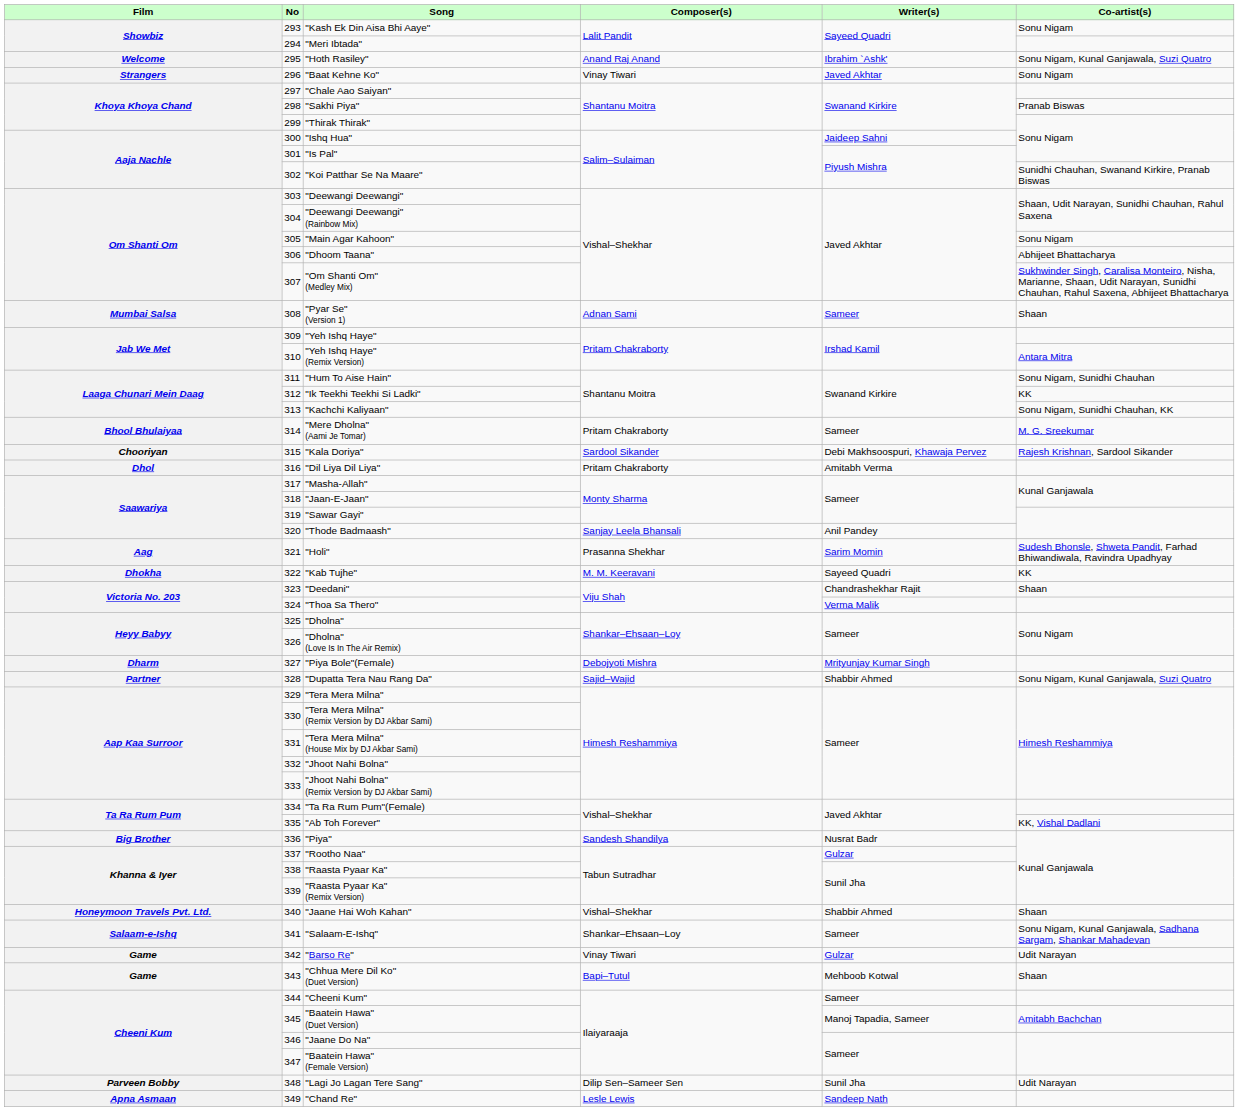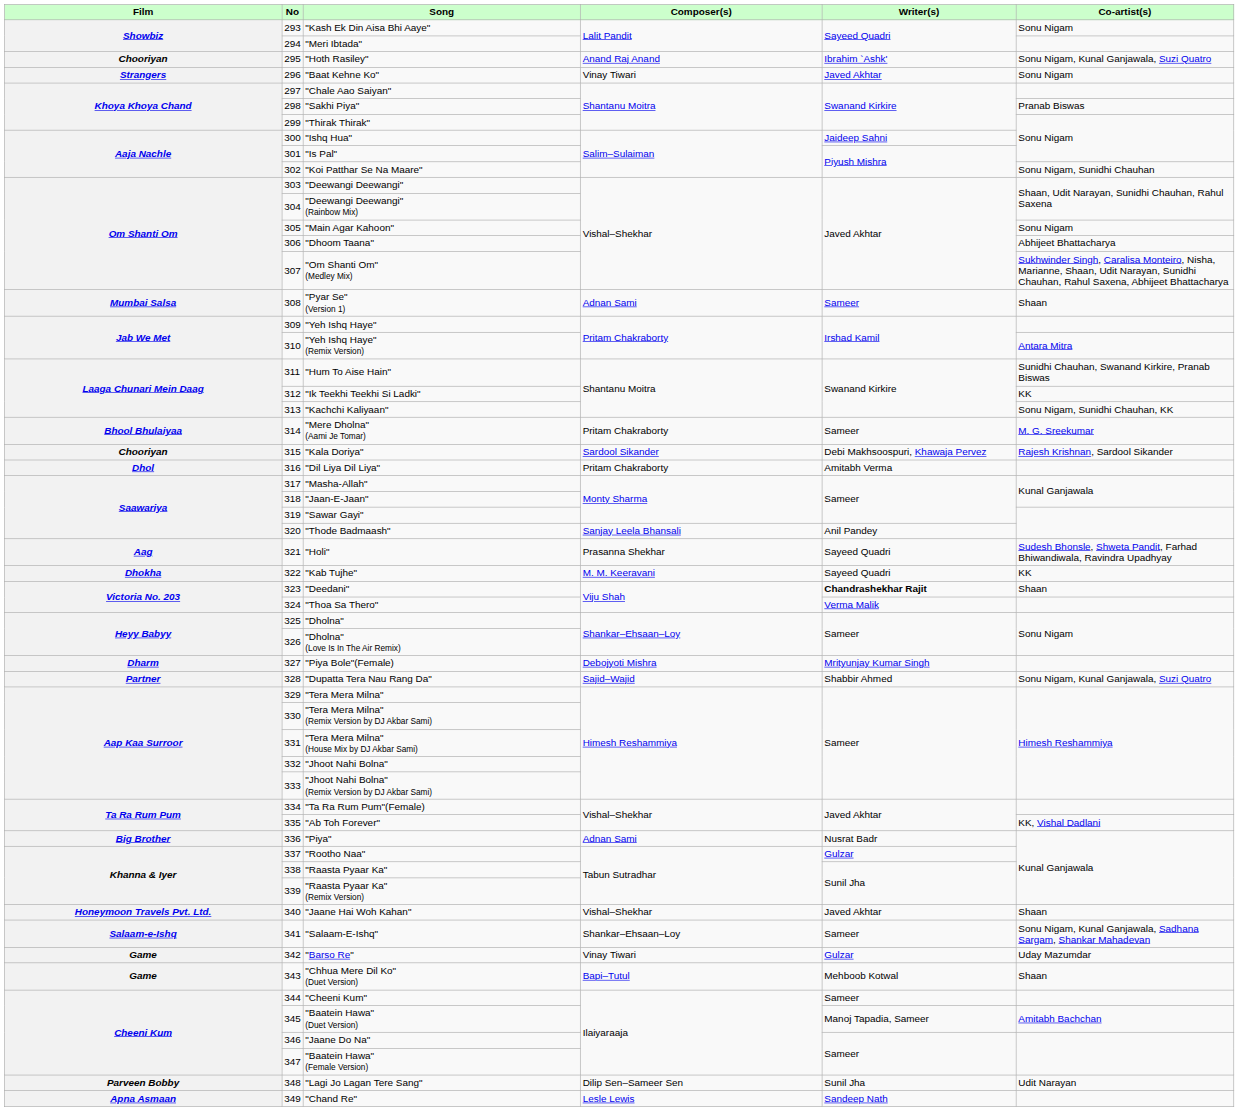 <table class="wikitable plainrowheaders" style="width:100%; textcolor:#000">
 <tr style="background:#cfc; text-align:center;">
 <td scope="col" style="width:23%;"><strong>Film</strong></td>
 <td><strong>No</strong></td>
 <td scope="col" style="width:23%;"><strong>Song</strong></td>
 <td scope="col" style="width:20%;"><strong>Composer(s)</strong></td>
 <td scope="col" style="width:16%;"><strong>Writer(s)</strong></td>
 <td scope="col" style="width:18%;"><strong>Co-artist(s)</strong></td>
 </tr>
 <tr>
 <th scope="row" rowspan="2"><em><a href='#'>Showbiz</a></em></th>
 <td>293</td>
 <td>"Kash Ek Din Aisa Bhi Aaye"</td>
 <td rowspan="2"><a href='#'>Lalit Pandit</a></td>
 <td rowspan="2"><a href='#'>Sayeed Quadri</a></td>
 <td>Sonu Nigam</td>
 </tr>
 <tr>
 <td>294</td>
 <td>"Meri Ibtada"</td>
 <td></td>
 </tr>
 <tr>
-<th scope="row"><em><a href='#'>Welcome</a></em></th>
+<th scope="row"><em>Chooriyan</em></th>
 <td>295</td>
 <td>"Hoth Rasiley"</td>
 <td><a href='#'>Anand Raj Anand</a></td>
 <td><a href='#'>Ibrahim `Ashk'</a></td>
 <td>Sonu Nigam, Kunal Ganjawala, <a href='#'>Suzi Quatro</a></td>
 </tr>
 <tr>
 <th scope="row"><em><a href='#'>Strangers</a></em></th>
 <td>296</td>
 <td>"Baat Kehne Ko"</td>
 <td>Vinay Tiwari</td>
 <td><a href='#'>Javed Akhtar</a></td>
 <td>Sonu Nigam</td>
 </tr>
 <tr>
 <th scope="row" rowspan="3"><em><a href='#'>Khoya Khoya Chand</a></em></th>
 <td>297</td>
 <td>"Chale Aao Saiyan"</td>
 <td rowspan="3"><a href='#'>Shantanu Moitra</a></td>
 <td rowspan="3"><a href='#'>Swanand Kirkire</a></td>
 <td></td>
 </tr>
 <tr>
 <td>298</td>
 <td>"Sakhi Piya"</td>
 <td>Pranab Biswas</td>
 </tr>
 <tr>
 <td>299</td>
 <td>"Thirak Thirak"</td>
 <td rowspan="3">Sonu Nigam</td>
 </tr>
 <tr>
 <th scope="row" rowspan="3"><em><a href='#'>Aaja Nachle</a></em></th>
 <td>300</td>
 <td>"Ishq Hua"</td>
 <td rowspan="3"><a href='#'>Salim–Sulaiman</a></td>
 <td><a href='#'>Jaideep Sahni</a></td>
 </tr>
 <tr>
 <td>301</td>
 <td>"Is Pal"</td>
 <td rowspan="2"><a href='#'>Piyush Mishra</a></td>
 </tr>
 <tr>
 <td>302</td>
 <td>"Koi Patthar Se Na Maare"</td>
-<td>Sunidhi Chauhan, Swanand Kirkire, Pranab Biswas</td>
+<td>Sonu Nigam, Sunidhi Chauhan</td>
 </tr>
 <tr>
 <th scope="row" rowspan="5"><em><a href='#'>Om Shanti Om</a></em></th>
 <td>303</td>
 <td>"Deewangi Deewangi"</td>
 <td rowspan="5">Vishal–Shekhar</td>
 <td rowspan="5">Javed Akhtar</td>
 <td rowspan="2">Shaan, Udit Narayan, Sunidhi Chauhan, Rahul Saxena</td>
 </tr>
 <tr>
 <td>304</td>
 <td>"Deewangi Deewangi" <br><small>(Rainbow Mix)</small></td>
 </tr>
 <tr>
 <td>305</td>
 <td>"Main Agar Kahoon"</td>
 <td>Sonu Nigam</td>
 </tr>
 <tr>
 <td>306</td>
 <td>"Dhoom Taana"</td>
 <td>Abhijeet Bhattacharya</td>
 </tr>
 <tr>
 <td>307</td>
 <td>"Om Shanti Om" <br><small>(Medley Mix)</small></td>
 <td><a href='#'>Sukhwinder Singh</a>, <a href='#'>Caralisa Monteiro</a>, Nisha, Marianne, Shaan, Udit Narayan, Sunidhi Chauhan, Rahul Saxena, Abhijeet Bhattacharya</td>
 </tr>
 <tr>
 <th scope="row"><em><a href='#'>Mumbai Salsa</a></em></th>
 <td>308</td>
 <td>"Pyar Se" <br><small>(Version 1)</small></td>
 <td><a href='#'>Adnan Sami</a></td>
 <td><a href='#'>Sameer</a></td>
 <td>Shaan</td>
 </tr>
 <tr>
 <th scope="row" rowspan="2"><em><a href='#'>Jab We Met</a></em></th>
 <td>309</td>
 <td>"Yeh Ishq Haye"</td>
 <td rowspan="2"><a href='#'>Pritam Chakraborty</a></td>
 <td rowspan="2"><a href='#'>Irshad Kamil</a></td>
 <td></td>
 </tr>
 <tr>
 <td>310</td>
 <td>"Yeh Ishq Haye"<br><small>(Remix Version)</small></td>
 <td><a href='#'>Antara Mitra</a></td>
 </tr>
 <tr>
 <th scope="row" rowspan="3"><em><a href='#'>Laaga Chunari Mein Daag</a></em></th>
 <td>311</td>
 <td>"Hum To Aise Hain"</td>
 <td rowspan="3">Shantanu Moitra</td>
 <td rowspan="3">Swanand Kirkire</td>
-<td>Sonu Nigam, Sunidhi Chauhan</td>
+<td>Sunidhi Chauhan, Swanand Kirkire, Pranab Biswas</td>
 </tr>
 <tr>
 <td>312</td>
 <td>"Ik Teekhi Teekhi Si Ladki"</td>
 <td>KK</td>
 </tr>
 <tr>
 <td>313</td>
 <td>"Kachchi Kaliyaan"</td>
 <td>Sonu Nigam, Sunidhi Chauhan, KK</td>
 </tr>
 <tr>
 <th scope="row"><em><a href='#'>Bhool Bhulaiyaa</a></em></th>
 <td>314</td>
 <td>"Mere Dholna"<br><small>(Aami Je Tomar)</small></td>
 <td>Pritam Chakraborty</td>
 <td>Sameer</td>
 <td><a href='#'>M. G. Sreekumar</a></td>
 </tr>
 <tr>
 <th scope="row"><em>Chooriyan</em></th>
 <td>315</td>
 <td>"Kala Doriya"</td>
 <td><a href='#'>Sardool Sikander</a></td>
 <td>Debi Makhsoospuri, <a href='#'>Khawaja Pervez</a></td>
 <td><a href='#'>Rajesh Krishnan</a>, Sardool Sikander</td>
 </tr>
 <tr>
 <th scope="row"><em><a href='#'>Dhol</a></em></th>
 <td>316</td>
 <td>"Dil Liya Dil Liya"</td>
 <td>Pritam Chakraborty</td>
 <td>Amitabh Verma</td>
 <td></td>
 </tr>
 <tr>
 <th scope="row" rowspan="4"><em><a href='#'>Saawariya</a></em></th>
 <td>317</td>
 <td>"Masha-Allah"</td>
 <td rowspan="3"><a href='#'>Monty Sharma</a></td>
 <td rowspan="3">Sameer</td>
 <td rowspan="2">Kunal Ganjawala</td>
 </tr>
 <tr>
 <td>318</td>
 <td>"Jaan-E-Jaan"</td>
 </tr>
 <tr>
 <td>319</td>
 <td>"Sawar Gayi"</td>
 <td rowspan="2"></td>
 </tr>
 <tr>
 <td>320</td>
 <td>"Thode Badmaash"</td>
 <td><a href='#'>Sanjay Leela Bhansali</a></td>
 <td>Anil Pandey</td>
 </tr>
 <tr>
 <th scope="row"><em><a href='#'>Aag</a></em></th>
 <td>321</td>
 <td>"Holi"</td>
 <td>Prasanna Shekhar</td>
-<td><a href='#'>Sarim Momin</a></td>
+<td>Sayeed Quadri</td>
 <td><a href='#'>Sudesh Bhonsle</a>, <a href='#'>Shweta Pandit</a>, Farhad Bhiwandiwala, Ravindra Upadhyay</td>
 </tr>
 <tr>
 <th scope="row"><em><a href='#'>Dhokha</a></em></th>
 <td>322</td>
 <td>"Kab Tujhe"</td>
 <td><a href='#'>M. M. Keeravani</a></td>
 <td>Sayeed Quadri</td>
 <td>KK</td>
 </tr>
 <tr>
 <th scope="row" rowspan="2"><em><a href='#'>Victoria No. 203</a></em></th>
 <td>323</td>
 <td>"Deedani"</td>
 <td rowspan="2"><a href='#'>Viju Shah</a></td>
-<td>Chandrashekhar Rajit</td>
+<td><strong>Chandrashekhar Rajit</strong></td>
 <td>Shaan</td>
 </tr>
 <tr>
 <td>324</td>
 <td>"Thoa Sa Thero"</td>
 <td><a href='#'>Verma Malik</a></td>
 <td></td>
 </tr>
 <tr>
 <th scope="row" rowspan="2"><em><a href='#'>Heyy Babyy</a></em></th>
 <td>325</td>
 <td>"Dholna"</td>
 <td rowspan="2"><a href='#'>Shankar–Ehsaan–Loy</a></td>
 <td rowspan="2">Sameer</td>
 <td rowspan="2">Sonu Nigam</td>
 </tr>
 <tr>
 <td>326</td>
 <td>"Dholna" <br><small>(Love Is In The Air Remix)</small></td>
 </tr>
 <tr>
 <th scope="row"><em><a href='#'>Dharm</a></em></th>
 <td>327</td>
 <td>"Piya Bole"(Female)</td>
 <td><a href='#'>Debojyoti Mishra</a></td>
 <td><a href='#'>Mrityunjay Kumar Singh</a></td>
 <td></td>
 </tr>
 <tr>
 <th scope="row"><em><a href='#'>Partner</a></em></th>
 <td>328</td>
 <td>"Dupatta Tera Nau Rang Da"</td>
 <td><a href='#'>Sajid–Wajid</a></td>
 <td>Shabbir Ahmed</td>
 <td>Sonu Nigam, Kunal Ganjawala, <a href='#'>Suzi Quatro</a></td>
 </tr>
 <tr>
 <th scope="row" rowspan="5"><em><a href='#'>Aap Kaa Surroor</a></em></th>
 <td>329</td>
 <td>"Tera Mera Milna"</td>
 <td rowspan="5"><a href='#'>Himesh Reshammiya</a></td>
 <td rowspan="5">Sameer</td>
 <td rowspan="5"><a href='#'>Himesh Reshammiya</a></td>
 </tr>
 <tr>
 <td>330</td>
 <td>"Tera Mera Milna" <br><small>(Remix Version by DJ Akbar Sami)</small></td>
 </tr>
 <tr>
 <td>331</td>
 <td>"Tera Mera Milna" <br><small>(House Mix by DJ Akbar Sami)</small></td>
 </tr>
 <tr>
 <td>332</td>
 <td>"Jhoot Nahi Bolna"</td>
 </tr>
 <tr>
 <td>333</td>
 <td>"Jhoot Nahi Bolna" <br><small>(Remix Version by DJ Akbar Sami)</small></td>
 </tr>
 <tr>
 <th scope="row" rowspan="2"><em><a href='#'>Ta Ra Rum Pum</a></em></th>
 <td>334</td>
 <td>"Ta Ra Rum Pum"(Female)</td>
 <td rowspan="2">Vishal–Shekhar</td>
 <td rowspan="2">Javed Akhtar</td>
 <td></td>
 </tr>
 <tr>
 <td>335</td>
 <td>"Ab Toh Forever"</td>
 <td>KK, <a href='#'>Vishal Dadlani</a></td>
 </tr>
 <tr>
 <th scope="row"><em><a href='#'>Big Brother</a></em></th>
 <td>336</td>
 <td>"Piya"</td>
-<td><a href='#'>Sandesh Shandilya</a></td>
+<td><a href='#'>Adnan Sami</a></td>
 <td>Nusrat Badr</td>
 <td rowspan="4">Kunal Ganjawala</td>
 </tr>
 <tr>
 <th scope="row" rowspan="3"><em>Khanna & Iyer</em></th>
 <td>337</td>
 <td>"Rootho Naa"</td>
 <td rowspan="3">Tabun Sutradhar</td>
 <td><a href='#'>Gulzar</a></td>
 </tr>
 <tr>
 <td>338</td>
 <td>"Raasta Pyaar Ka"</td>
 <td rowspan="2">Sunil Jha</td>
 </tr>
 <tr>
 <td>339</td>
 <td>"Raasta Pyaar Ka" <br><small>(Remix Version)</small></td>
 </tr>
 <tr>
 <th scope="row"><em><a href='#'>Honeymoon Travels Pvt. Ltd.</a></em></th>
 <td>340</td>
 <td>"Jaane Hai Woh Kahan"</td>
 <td>Vishal–Shekhar</td>
-<td>Shabbir Ahmed</td>
+<td>Javed Akhtar</td>
 <td>Shaan</td>
 </tr>
 <tr>
 <th scope="row"><em><a href='#'>Salaam-e-Ishq</a></em></th>
 <td>341</td>
 <td>"Salaam-E-Ishq"</td>
 <td>Shankar–Ehsaan–Loy</td>
 <td>Sameer</td>
 <td>Sonu Nigam, Kunal Ganjawala, <a href='#'>Sadhana Sargam</a>, <a href='#'>Shankar Mahadevan</a></td>
 </tr>
 <tr>
 <th scope="row"><em>Game</em></th>
 <td>342</td>
 <td>"<a href='#'>Barso Re</a>"</td>
 <td>Vinay Tiwari</td>
 <td><a href='#'>Gulzar</a></td>
-<td>Udit Narayan</td>
+<td>Uday Mazumdar</td>
 </tr>
 <tr>
 <th scope="row"><em>Game</em></th>
 <td>343</td>
 <td>"Chhua Mere Dil Ko"<br><small>(Duet Version)</small></td>
 <td><a href='#'>Bapi–Tutul</a></td>
 <td>Mehboob Kotwal</td>
 <td>Shaan</td>
 </tr>
 <tr>
 <th scope="row" rowspan="4"><em><a href='#'>Cheeni Kum</a></em></th>
 <td>344</td>
 <td>"Cheeni Kum"</td>
 <td rowspan="4">Ilaiyaraaja</td>
 <td>Sameer</td>
 <td></td>
 </tr>
 <tr>
 <td>345</td>
 <td>"Baatein Hawa"<br><small>(Duet Version)</small></td>
 <td>Manoj Tapadia, Sameer</td>
 <td><a href='#'>Amitabh Bachchan</a></td>
 </tr>
 <tr>
 <td>346</td>
 <td>"Jaane Do Na"</td>
 <td rowspan="2">Sameer</td>
 <td rowspan="2"></td>
 </tr>
 <tr>
 <td>347</td>
 <td>"Baatein Hawa"<br><small>(Female Version)</small></td>
 </tr>
 <tr>
 <th scope="row"><em>Parveen Bobby</em></th>
 <td>348</td>
 <td>"Lagi Jo Lagan Tere Sang"</td>
 <td>Dilip Sen–Sameer Sen</td>
 <td>Sunil Jha</td>
 <td>Udit Narayan</td>
 </tr>
 <tr>
 <th scope="row"><em><a href='#'>Apna Asmaan</a></em></th>
 <td>349</td>
 <td>"Chand Re"</td>
 <td><a href='#'>Lesle Lewis</a></td>
 <td><a href='#'>Sandeep Nath</a></td>
 <td></td>
 </tr>
 </table>
